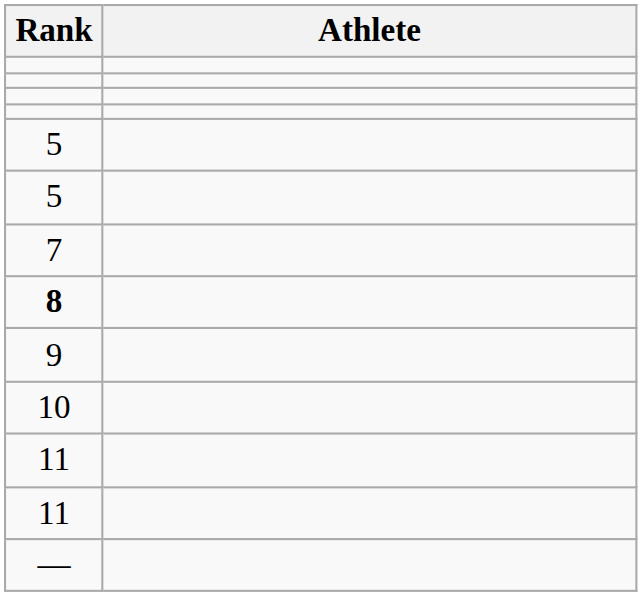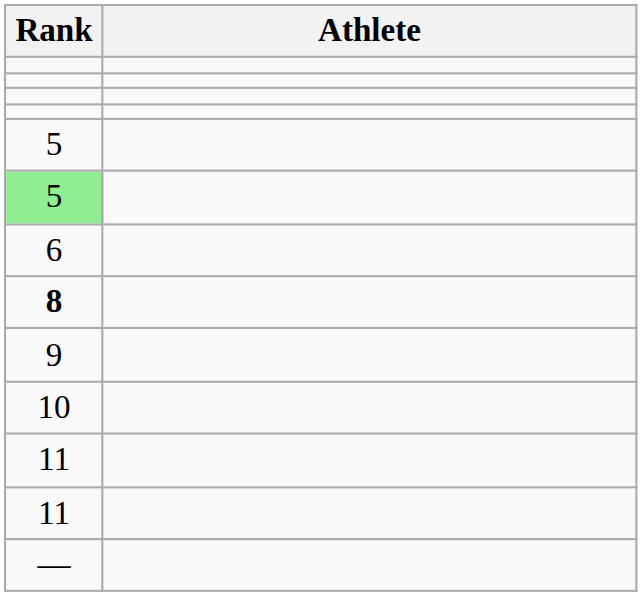 <table class="wikitable" style="text-align: center;">
 <tr>
 <th width=40>Rank</th>
 <th width=250>Athlete</th>
 </tr>
 <tr>
 <td></td>
 <td align=left></td>
 </tr>
 <tr>
 <td></td>
 <td align=left></td>
 </tr>
 <tr>
 <td></td>
 <td align=left></td>
 </tr>
 <tr>
 <td></td>
 <td align=left></td>
 </tr>
 <tr>
 <td>5</td>
 <td align=left></td>
 </tr>
 <tr>
-<td>5</td>
+<td style="background: lightgreen;">5</td>
 <td align=left></td>
 </tr>
 <tr>
-<td>7</td>
+<td>6</td>
 <td align=left></td>
 </tr>
 <tr>
 <td><strong>8</strong></td>
 <td align=left></td>
 </tr>
 <tr>
 <td>9</td>
 <td align=left></td>
 </tr>
 <tr>
 <td>10</td>
 <td align=left></td>
 </tr>
 <tr>
 <td>11</td>
 <td align=left></td>
 </tr>
 <tr>
 <td>11</td>
 <td align=left></td>
 </tr>
 <tr>
 <td>—</td>
 <td align=left></td>
 </tr>
 </table>
